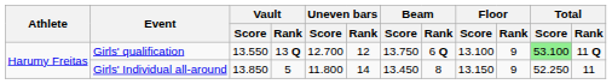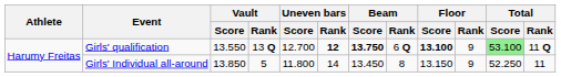 <table class="wikitable" border="1" style="font-size:90%">
 <tr>
 <th rowspan=2>Athlete</th>
 <th rowspan=2>Event</th>
 <th colspan=2>Vault</th>
 <th colspan=2>Uneven bars</th>
 <th colspan=2>Beam</th>
 <th colspan=2>Floor</th>
 <th colspan=2>Total</th>
 </tr>
 <tr>
 <th>Score</th>
 <th>Rank</th>
 <th>Score</th>
 <th>Rank</th>
 <th>Score</th>
 <th>Rank</th>
 <th>Score</th>
 <th>Rank</th>
 <th>Score</th>
 <th>Rank</th>
 </tr>
 <tr>
 <td rowspan=2><a href='#'>Harumy Freitas</a></td>
 <td><a href='#'>Girls' qualification</a></td>
 <td align=center>13.550</td>
 <td align=center>13 <strong>Q</strong></td>
 <td align=center>12.700</td>
-<td align=center>12</td>
-<td align=center>13.750</td>
+<td align=center><strong>12</strong></td>
+<td align=center><strong>13.750</strong></td>
 <td align=center>6 <strong>Q</strong></td>
-<td align=center>13.100</td>
+<td align=center><strong>13.100</strong></td>
 <td align=center>9</td>
 <td align=center style="background: lightgreen;">53.100</td>
 <td align=center>11 <strong>Q</strong></td>
 </tr>
 <tr>
 <td><a href='#'>Girls' Individual all-around</a></td>
 <td align=center>13.850</td>
 <td align=center>5</td>
 <td align=center>11.800</td>
 <td align=center>14</td>
 <td align=center>13.450</td>
 <td align=center>8</td>
 <td align=center>13.150</td>
 <td align=center>9</td>
 <td align=center>52.250</td>
 <td align=center>11</td>
 </tr>
 </table>
